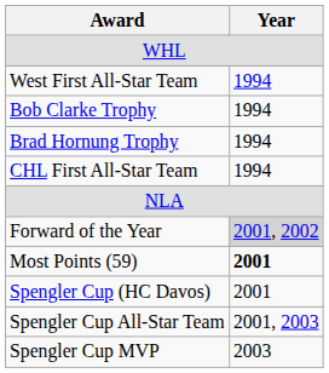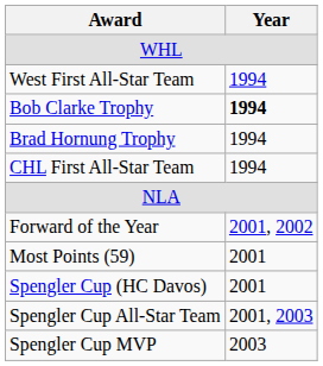 <table class="wikitable">
 <tr>
 <th>Award</th>
 <th>Year</th>
 </tr>
 <tr ALIGN="center" bgcolor="#e0e0e0">
 <td colspan="3"><a href='#'>WHL</a></td>
 </tr>
 <tr>
 <td>West First All-Star Team</td>
 <td><a href='#'>1994</a></td>
 </tr>
 <tr>
 <td><a href='#'>Bob Clarke Trophy</a></td>
-<td>1994</td>
+<td><strong>1994</strong></td>
 </tr>
 <tr>
 <td><a href='#'>Brad Hornung Trophy</a></td>
 <td>1994</td>
 </tr>
 <tr>
 <td><a href='#'>CHL</a> First All-Star Team</td>
 <td>1994</td>
 </tr>
 <tr ALIGN="center" bgcolor="#e0e0e0">
 <td colspan="3"><a href='#'>NLA</a></td>
 </tr>
 <tr>
 <td>Forward of the Year</td>
-<td style="background: lightgrey;"><a href='#'>2001</a>, <a href='#'>2002</a></td>
+<td><a href='#'>2001</a>, <a href='#'>2002</a></td>
 </tr>
 <tr>
 <td>Most Points (59)</td>
-<td><strong>2001</strong></td>
+<td>2001</td>
 </tr>
 <tr>
 <td><a href='#'>Spengler Cup</a> (HC Davos)</td>
 <td>2001</td>
 </tr>
 <tr>
 <td>Spengler Cup All-Star Team</td>
 <td>2001, <a href='#'>2003</a></td>
 </tr>
 <tr>
 <td>Spengler Cup MVP</td>
 <td>2003</td>
 </tr>
 </table>
